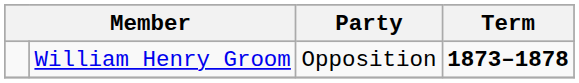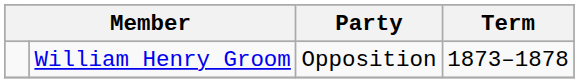 <table class="wikitable">
 <tr>
 <th colspan="2">Member</th>
 <th>Party</th>
 <th>Term</th>
 </tr>
 <tr>
 <td> </td>
 <td><a href='#'>William Henry Groom</a></td>
 <td>Opposition</td>
-<td><strong>1873–1878</strong></td>
+<td>1873–1878</td>
 </tr>
 <tr>
 </tr>
 </table>
